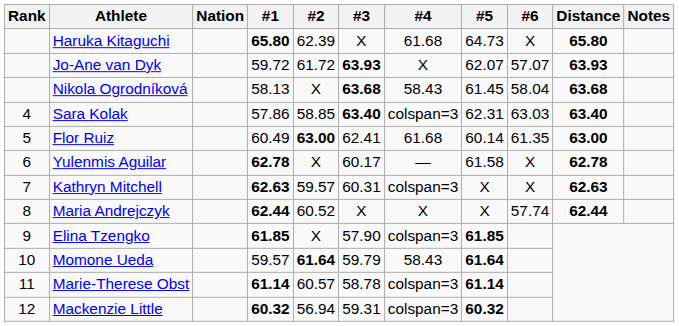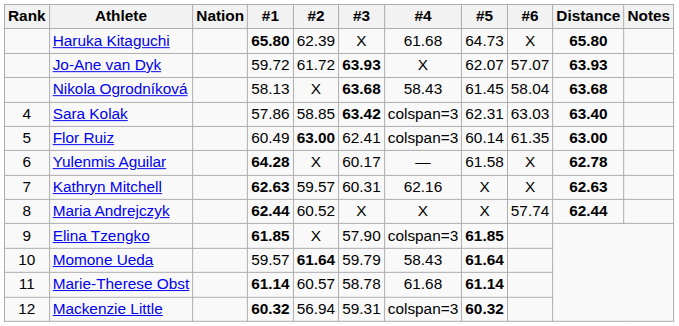 <table class="wikitable sortable" style="text-align:center">
 <tr>
 <th>Rank</th>
 <th>Athlete</th>
 <th>Nation</th>
 <th>#1</th>
 <th>#2</th>
 <th>#3</th>
 <th>#4</th>
 <th>#5</th>
 <th>#6</th>
 <th>Distance</th>
 <th>Notes</th>
 </tr>
 <tr>
 <td></td>
 <td align="left"><a href='#'>Haruka Kitaguchi</a></td>
 <td align="left"></td>
 <td><strong>65.80</strong></td>
 <td>62.39</td>
 <td>X</td>
 <td>61.68</td>
 <td>64.73</td>
 <td>X</td>
 <td><strong>65.80</strong></td>
 <td></td>
 </tr>
 <tr>
 <td></td>
 <td align="left"><a href='#'>Jo-Ane van Dyk</a></td>
 <td align="left"></td>
 <td>59.72</td>
 <td>61.72</td>
 <td><strong>63.93</strong></td>
 <td>X</td>
 <td>62.07</td>
 <td>57.07</td>
 <td><strong>63.93</strong></td>
 <td></td>
 </tr>
 <tr>
 <td></td>
 <td align="left"><a href='#'>Nikola Ogrodníková</a></td>
 <td align="left"></td>
 <td>58.13</td>
 <td>X</td>
 <td><strong>63.68</strong></td>
 <td>58.43</td>
 <td>61.45</td>
 <td>58.04</td>
 <td><strong>63.68</strong></td>
 <td></td>
 </tr>
 <tr>
 <td>4</td>
 <td align="left"><a href='#'>Sara Kolak</a></td>
 <td align="left"></td>
 <td>57.86</td>
 <td>58.85</td>
-<td><strong>63.40</strong></td>
+<td><strong>63.42</strong></td>
 <td>colspan=3 </td>
 <td>62.31</td>
 <td>63.03</td>
 <td><strong>63.40</strong></td>
 <td></td>
 </tr>
 <tr>
 <td>5</td>
 <td align="left"><a href='#'>Flor Ruiz</a></td>
 <td align="left"></td>
 <td>60.49</td>
 <td><strong>63.00</strong></td>
 <td>62.41</td>
-<td>61.68</td>
+<td>colspan=3 </td>
 <td>60.14</td>
 <td>61.35</td>
 <td><strong>63.00</strong></td>
 <td></td>
 </tr>
 <tr>
 <td>6</td>
 <td align="left"><a href='#'>Yulenmis Aguilar</a></td>
 <td align="left"></td>
-<td><strong>62.78</strong></td>
+<td><strong>64.28</strong></td>
 <td>X</td>
 <td>60.17</td>
 <td>—</td>
 <td>61.58</td>
 <td>X</td>
 <td><strong>62.78</strong></td>
 <td></td>
 </tr>
 <tr>
 <td>7</td>
 <td align="left"><a href='#'>Kathryn Mitchell</a></td>
 <td align="left"></td>
 <td><strong>62.63</strong></td>
 <td>59.57</td>
 <td>60.31</td>
-<td>colspan=3 </td>
+<td>62.16</td>
 <td>X</td>
 <td>X</td>
 <td><strong>62.63</strong></td>
 <td></td>
 </tr>
 <tr>
 <td>8</td>
 <td align="left"><a href='#'>Maria Andrejczyk</a></td>
 <td align="left"></td>
 <td><strong>62.44</strong></td>
 <td>60.52</td>
 <td>X</td>
 <td>X</td>
 <td>X</td>
 <td>57.74</td>
 <td><strong>62.44</strong></td>
 <td></td>
 </tr>
 <tr>
 <td>9</td>
 <td align="left"><a href='#'>Elina Tzengko</a></td>
 <td align="left"></td>
 <td><strong>61.85</strong></td>
 <td>X</td>
 <td>57.90</td>
 <td>colspan=3 </td>
 <td><strong>61.85</strong></td>
 <td></td>
 </tr>
 <tr>
 <td>10</td>
 <td align="left"><a href='#'>Momone Ueda</a></td>
 <td align="left"></td>
 <td>59.57</td>
 <td><strong>61.64</strong></td>
 <td>59.79</td>
 <td>58.43</td>
 <td><strong>61.64</strong></td>
 <td></td>
 </tr>
 <tr>
 <td>11</td>
 <td align="left"><a href='#'>Marie-Therese Obst</a></td>
 <td align="left"></td>
 <td><strong>61.14</strong></td>
 <td>60.57</td>
 <td>58.78</td>
-<td>colspan=3 </td>
+<td>61.68</td>
 <td><strong>61.14</strong></td>
 <td></td>
 </tr>
 <tr>
 <td>12</td>
 <td align="left"><a href='#'>Mackenzie Little</a></td>
 <td align="left"></td>
 <td><strong>60.32</strong></td>
 <td>56.94</td>
 <td>59.31</td>
 <td>colspan=3 </td>
 <td><strong>60.32</strong></td>
 <td></td>
 </tr>
 </table>
